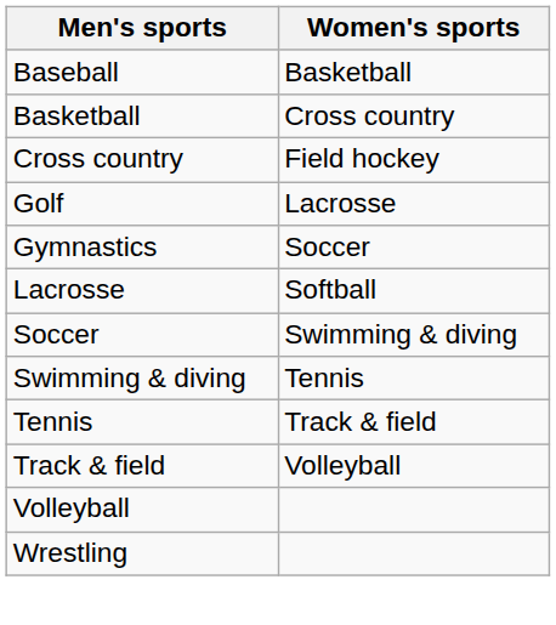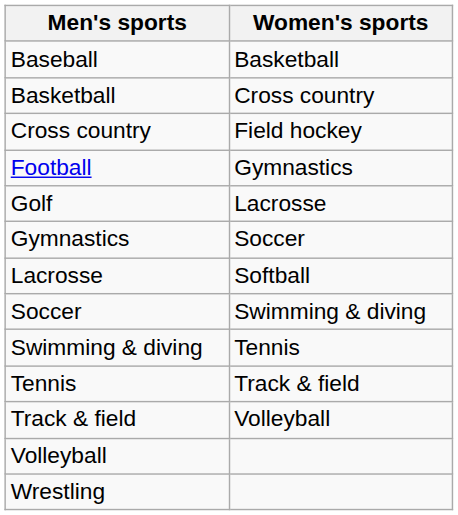 <table class="wikitable"; style= "text-align:; float:right ">
 <tr>
 <th width=150px>Men's sports</th>
 <th width=150px>Women's sports</th>
 </tr>
 <tr>
 <td>Baseball</td>
 <td>Basketball</td>
 </tr>
 <tr>
 <td>Basketball</td>
 <td>Cross country</td>
 </tr>
 <tr>
 <td>Cross country</td>
 <td>Field hockey</td>
+</tr>
+<tr>
+<td><a href='#'>Football</a></td>
+<td>Gymnastics</td>
 </tr>
 <tr>
 <td>Golf</td>
 <td>Lacrosse</td>
 </tr>
 <tr>
 <td>Gymnastics</td>
 <td>Soccer</td>
 </tr>
 <tr>
 <td>Lacrosse</td>
 <td>Softball</td>
 </tr>
 <tr>
 <td>Soccer</td>
 <td>Swimming & diving</td>
 </tr>
 <tr>
 <td>Swimming & diving</td>
 <td>Tennis</td>
 </tr>
 <tr>
 <td>Tennis</td>
 <td>Track & field</td>
 </tr>
 <tr>
 <td>Track & field</td>
 <td>Volleyball</td>
 </tr>
 <tr>
 <td>Volleyball</td>
 <td></td>
 </tr>
 <tr>
 <td>Wrestling</td>
 <td></td>
 </tr>
 </table>
